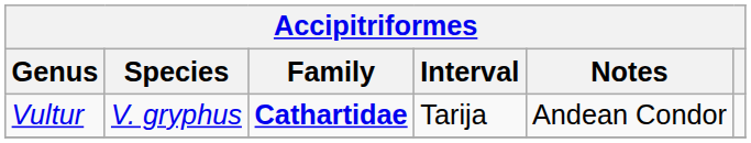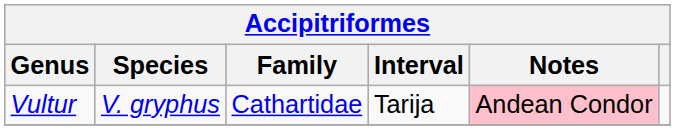 <table class="wikitable">
 <tr>
 <th colspan="6"><a href='#'>Accipitriformes</a></th>
 </tr>
 <tr>
 <th>Genus</th>
 <th>Species</th>
 <th>Family</th>
 <th>Interval</th>
 <th>Notes</th>
 <th></th>
 </tr>
 <tr>
 <td><em><a href='#'>Vultur</a></em></td>
 <td><em><a href='#'> V. gryphus</a></em></td>
-<td><strong><a href='#'>Cathartidae</a></strong></td>
+<td><a href='#'>Cathartidae</a></td>
 <td>Tarija </td>
-<td>Andean Condor</td>
+<td style="background: pink;">Andean Condor</td>
 <td></td>
 </tr>
 <tr>
 </tr>
 </table>
